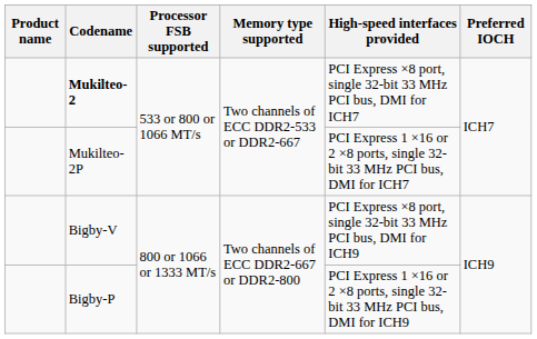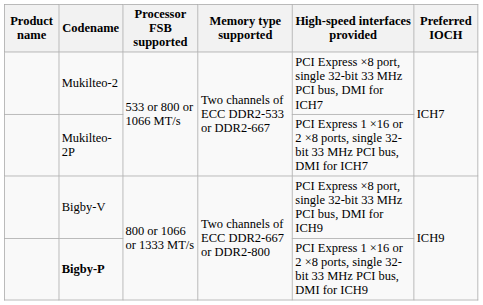 <table class="wikitable">
 <tr>
 <th>Product name</th>
 <th>Codename</th>
 <th>Processor FSB supported</th>
 <th>Memory type supported</th>
 <th>High-speed interfaces provided</th>
 <th>Preferred IOCH</th>
 </tr>
 <tr>
 <td></td>
-<td><strong>Mukilteo-2</strong></td>
+<td>Mukilteo-2</td>
 <td rowspan=2>533 or 800 or 1066 MT/s</td>
 <td rowspan=2>Two channels of ECC DDR2-533 or DDR2-667</td>
 <td>PCI Express ×8 port, single 32-bit 33 MHz PCI bus, DMI for ICH7</td>
 <td rowspan=2>ICH7</td>
 </tr>
 <tr>
 <td></td>
 <td>Mukilteo-2P</td>
 <td>PCI Express 1 ×16 or 2 ×8 ports, single 32-bit 33 MHz PCI bus, DMI for ICH7</td>
 </tr>
 <tr>
 <td></td>
 <td>Bigby-V</td>
 <td rowspan=2>800 or 1066 or 1333 MT/s</td>
 <td rowspan=2>Two channels of ECC DDR2-667 or DDR2-800</td>
 <td>PCI Express ×8 port, single 32-bit 33 MHz PCI bus, DMI for ICH9</td>
 <td rowspan=2>ICH9</td>
 </tr>
 <tr>
 <td></td>
-<td>Bigby-P</td>
+<td><strong>Bigby-P</strong></td>
 <td>PCI Express 1 ×16 or 2 ×8 ports, single 32-bit 33 MHz PCI bus, DMI for ICH9</td>
 </tr>
 </table>
